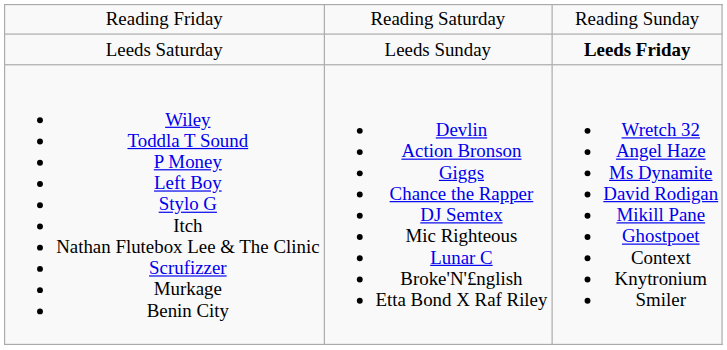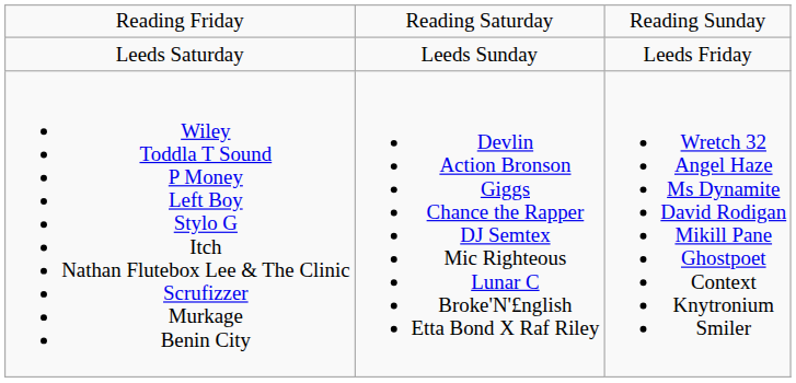 <table class="wikitable" style="text-align:center;">
 <tr>
 <td>Reading Friday</td>
 <td>Reading Saturday</td>
 <td>Reading Sunday</td>
 </tr>
 <tr>
 <td>Leeds Saturday</td>
 <td>Leeds Sunday</td>
-<td><strong>Leeds Friday</strong></td>
+<td>Leeds Friday</td>
 </tr>
 <tr>
 <td><br><ul><li><a href='#'>Wiley</a></li><li><a href='#'>Toddla T Sound</a></li><li><a href='#'>P Money</a></li><li><a href='#'>Left Boy</a></li><li><a href='#'>Stylo G</a></li><li>Itch</li><li>Nathan Flutebox Lee & The Clinic</li><li><a href='#'>Scrufizzer</a></li><li>Murkage</li><li>Benin City</li></ul></td>
 <td><br><ul><li><a href='#'>Devlin</a></li><li><a href='#'>Action Bronson</a></li><li><a href='#'>Giggs</a></li><li><a href='#'>Chance the Rapper</a></li><li><a href='#'>DJ Semtex</a></li><li>Mic Righteous</li><li><a href='#'>Lunar C</a></li><li>Broke'N'£nglish</li><li>Etta Bond X Raf Riley</li></ul></td>
 <td><br><ul><li><a href='#'>Wretch 32</a></li><li><a href='#'>Angel Haze</a></li><li><a href='#'>Ms Dynamite</a></li><li><a href='#'>David Rodigan</a></li><li><a href='#'>Mikill Pane</a></li><li><a href='#'>Ghostpoet</a></li><li>Context</li><li>Knytronium</li><li>Smiler</li></ul></td>
 </tr>
 </table>
